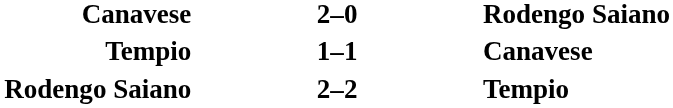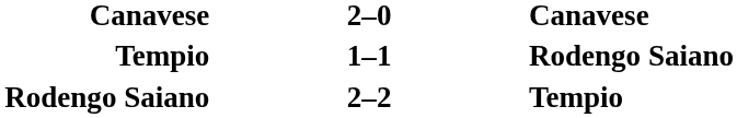 <table width="100%" cellspacing="1">
 <tr>
 <th width="20%"></th>
 <th width="12%"></th>
 <th width="20%"></th>
 <th></th>
 </tr>
 <tr style="font-size:90%;">
 <td align="right"><strong>Canavese</strong></td>
 <td align="center"><strong>2–0</strong></td>
-<td align="left"><strong>Rodengo Saiano</strong></td>
+<td align="left"><strong>Canavese</strong></td>
 </tr>
 <tr style="font-size:90%;">
 <td align="right"><strong>Tempio</strong></td>
 <td align="center"><strong>1–1</strong></td>
-<td align="left"><strong>Canavese</strong></td>
+<td align="left"><strong>Rodengo Saiano</strong></td>
 </tr>
 <tr style="font-size:90%;">
 <td align="right"><strong>Rodengo Saiano</strong></td>
 <td align="center"><strong>2–2</strong></td>
 <td align="left"><strong>Tempio</strong></td>
 </tr>
 </table>
